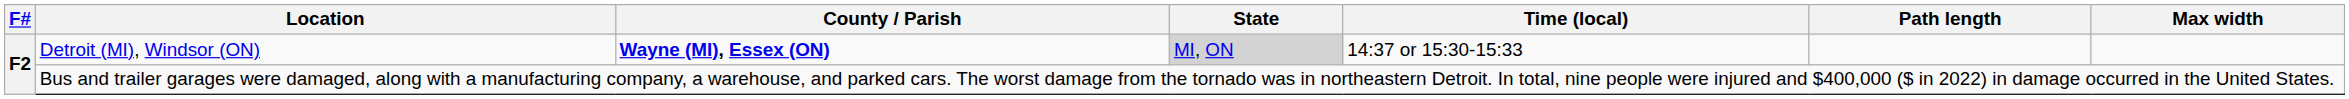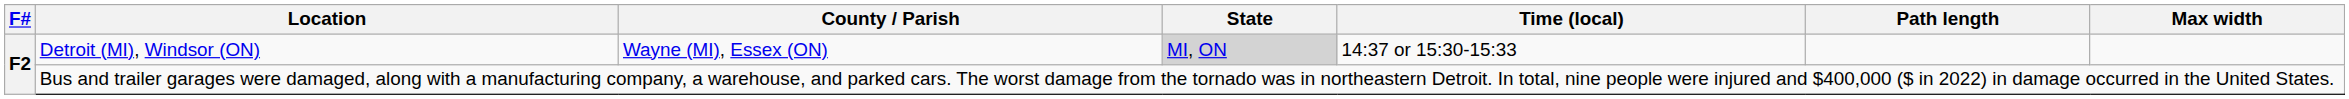 <table class="wikitable sortable" style="width:100%;">
 <tr>
 <th scope="col" align="center"><a href='#'>F#</a><br></th>
 <th scope="col" align="center" class="unsortable">Location</th>
 <th scope="col" align="center" class="unsortable">County / Parish</th>
 <th scope="col" align="center">State</th>
 <th scope="col" align="center">Time (local)</th>
 <th scope="col" align="center">Path length</th>
 <th scope="col" align="center">Max width</th>
 </tr>
 <tr>
 <th scope="row" rowspan="2" style="background-color:#">F2</th>
 <td><a href='#'>Detroit (MI)</a>, <a href='#'>Windsor (ON)</a></td>
-<td><strong><a href='#'>Wayne (MI)</a>, <a href='#'>Essex (ON)</a></strong></td>
+<td><a href='#'>Wayne (MI)</a>, <a href='#'>Essex (ON)</a></td>
 <td style="background: lightgrey;"><a href='#'>MI</a>, <a href='#'>ON</a></td>
 <td>14:37 or 15:30-15:33</td>
 <td></td>
 <td></td>
 </tr>
 <tr class="expand-child">
 <td colspan="6" style="border-bottom: 1px solid black;">Bus and trailer garages were damaged, along with a manufacturing company, a warehouse, and parked cars. The worst damage from the tornado was in northeastern Detroit. In total, nine people were injured and $400,000  ($ in 2022) in damage occurred in the United States.</td>
 </tr>
 </table>
